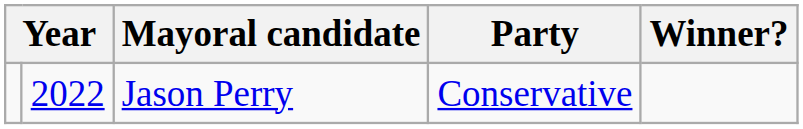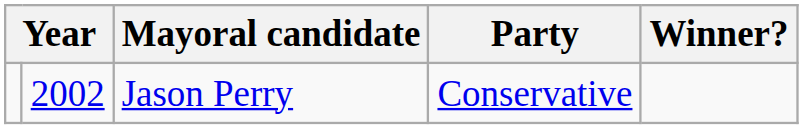 <table class="wikitable">
 <tr>
 <th colspan="2">Year</th>
 <th>Mayoral candidate</th>
 <th>Party</th>
 <th>Winner?</th>
 </tr>
 <tr>
 <td style="background-color: "></td>
-<td><a href='#'>2022</a></td>
+<td><a href='#'>2002</a></td>
 <td><a href='#'>Jason Perry</a></td>
 <td><a href='#'>Conservative</a></td>
 <td></td>
 </tr>
 </table>
